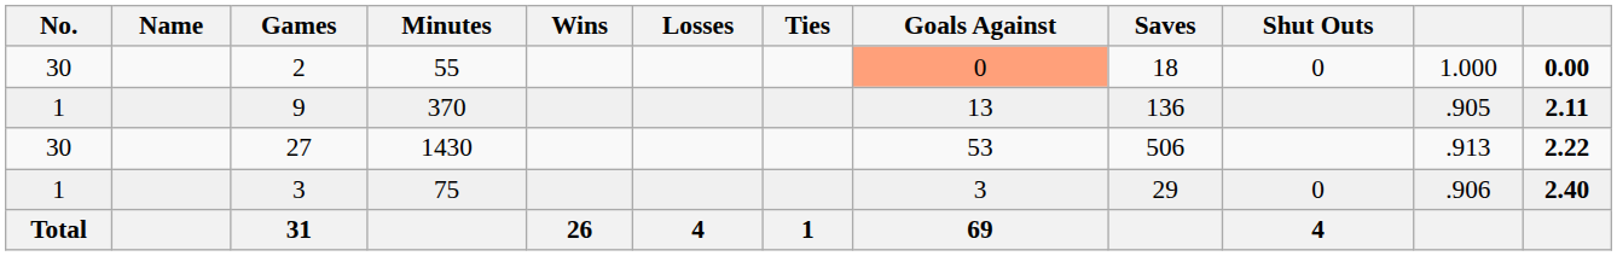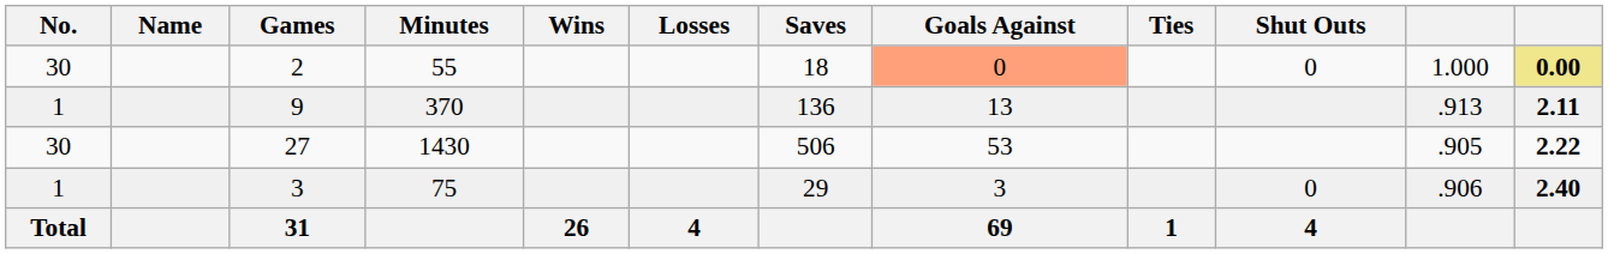 <table class="wikitable sortable" width ="1000">
 <tr align="center">
 <th><strong>No.</strong></th>
 <th><strong>Name</strong></th>
 <th><strong>Games</strong></th>
 <th><strong>Minutes</strong></th>
 <th><strong>Wins</strong></th>
 <th><strong>Losses</strong></th>
+<th><strong>Saves</strong></th>
+<th><strong>Goals Against</strong></th>
 <th><strong>Ties</strong></th>
-<th><strong>Goals Against</strong></th>
-<th><strong>Saves</strong></th>
 <th><strong>Shut Outs</strong></th>
 <th><strong><a href='#'></a></strong></th>
 <th><strong><a href='#'></a></strong></th>
 </tr>
 <tr align="center">
 <td>30</td>
 <td></td>
 <td>2</td>
 <td>55</td>
 <td></td>
 <td></td>
+<td>18</td>
+<td style="background: lightsalmon;">0</td>
 <td></td>
-<td style="background: lightsalmon;">0</td>
-<td>18</td>
 <td>0</td>
 <td>1.000</td>
-<td><strong>0.00</strong></td>
+<td style="background: khaki;"><strong>0.00</strong></td>
 </tr>
 <tr align="center" bgcolor="#f0f0f0">
 <td>1</td>
 <td></td>
 <td>9</td>
 <td>370</td>
 <td></td>
 <td></td>
+<td>136</td>
+<td>13</td>
 <td></td>
-<td>13</td>
-<td>136</td>
 <td></td>
-<td>.905</td>
+<td>.913</td>
 <td><strong>2.11</strong></td>
 </tr>
 <tr align="center">
 <td>30</td>
 <td></td>
 <td>27</td>
 <td>1430</td>
 <td></td>
 <td></td>
+<td>506</td>
+<td>53</td>
 <td></td>
-<td>53</td>
-<td>506</td>
 <td></td>
-<td>.913</td>
+<td>.905</td>
 <td><strong>2.22</strong></td>
 </tr>
 <tr align="center" bgcolor="#f0f0f0">
 <td>1</td>
 <td></td>
 <td>3</td>
 <td>75</td>
 <td></td>
 <td></td>
+<td>29</td>
+<td>3</td>
 <td></td>
-<td>3</td>
-<td>29</td>
 <td>0</td>
 <td>.906</td>
 <td><strong>2.40</strong></td>
 </tr>
 <tr>
 <th>Total</th>
 <th></th>
 <th>31</th>
 <th></th>
 <th>26</th>
 <th>4</th>
+<th></th>
+<th>69</th>
 <th>1</th>
-<th>69</th>
-<th></th>
 <th>4</th>
 <th></th>
 <th></th>
 </tr>
 </table>
